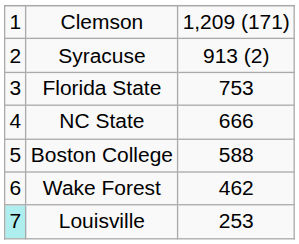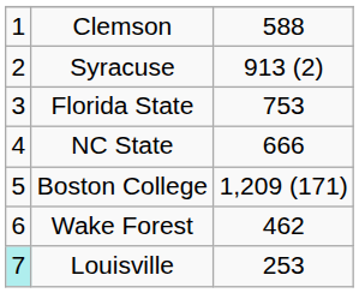 <table class="wikitable" style="display: inline-table;">
 <tr align="center">
 </tr>
 <tr align="center">
 <td>1</td>
 <td>Clemson</td>
-<td>1,209 (171)</td>
+<td>588</td>
 </tr>
 <tr align="center">
 <td>2</td>
 <td>Syracuse</td>
 <td>913 (2)</td>
 </tr>
 <tr align="center">
 <td>3</td>
 <td>Florida State</td>
 <td>753</td>
 </tr>
 <tr align="center">
 <td>4</td>
 <td>NC State</td>
 <td>666</td>
 </tr>
 <tr align="center">
 <td>5</td>
 <td>Boston College</td>
-<td>588</td>
+<td>1,209 (171)</td>
 </tr>
 <tr align="center">
 <td>6</td>
 <td>Wake Forest</td>
 <td>462</td>
 </tr>
 <tr align="center">
 <td style="background: paleturquoise;">7</td>
 <td>Louisville</td>
 <td>253</td>
 </tr>
 </table>
